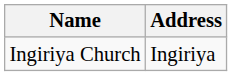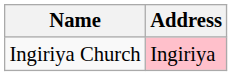 <table class="wikitable">
 <tr>
 <th>Name</th>
 <th>Address</th>
 </tr>
 <tr>
 <td>Ingiriya Church</td>
-<td>Ingiriya</td>
+<td style="background: pink;">Ingiriya</td>
 </tr>
 </table>
